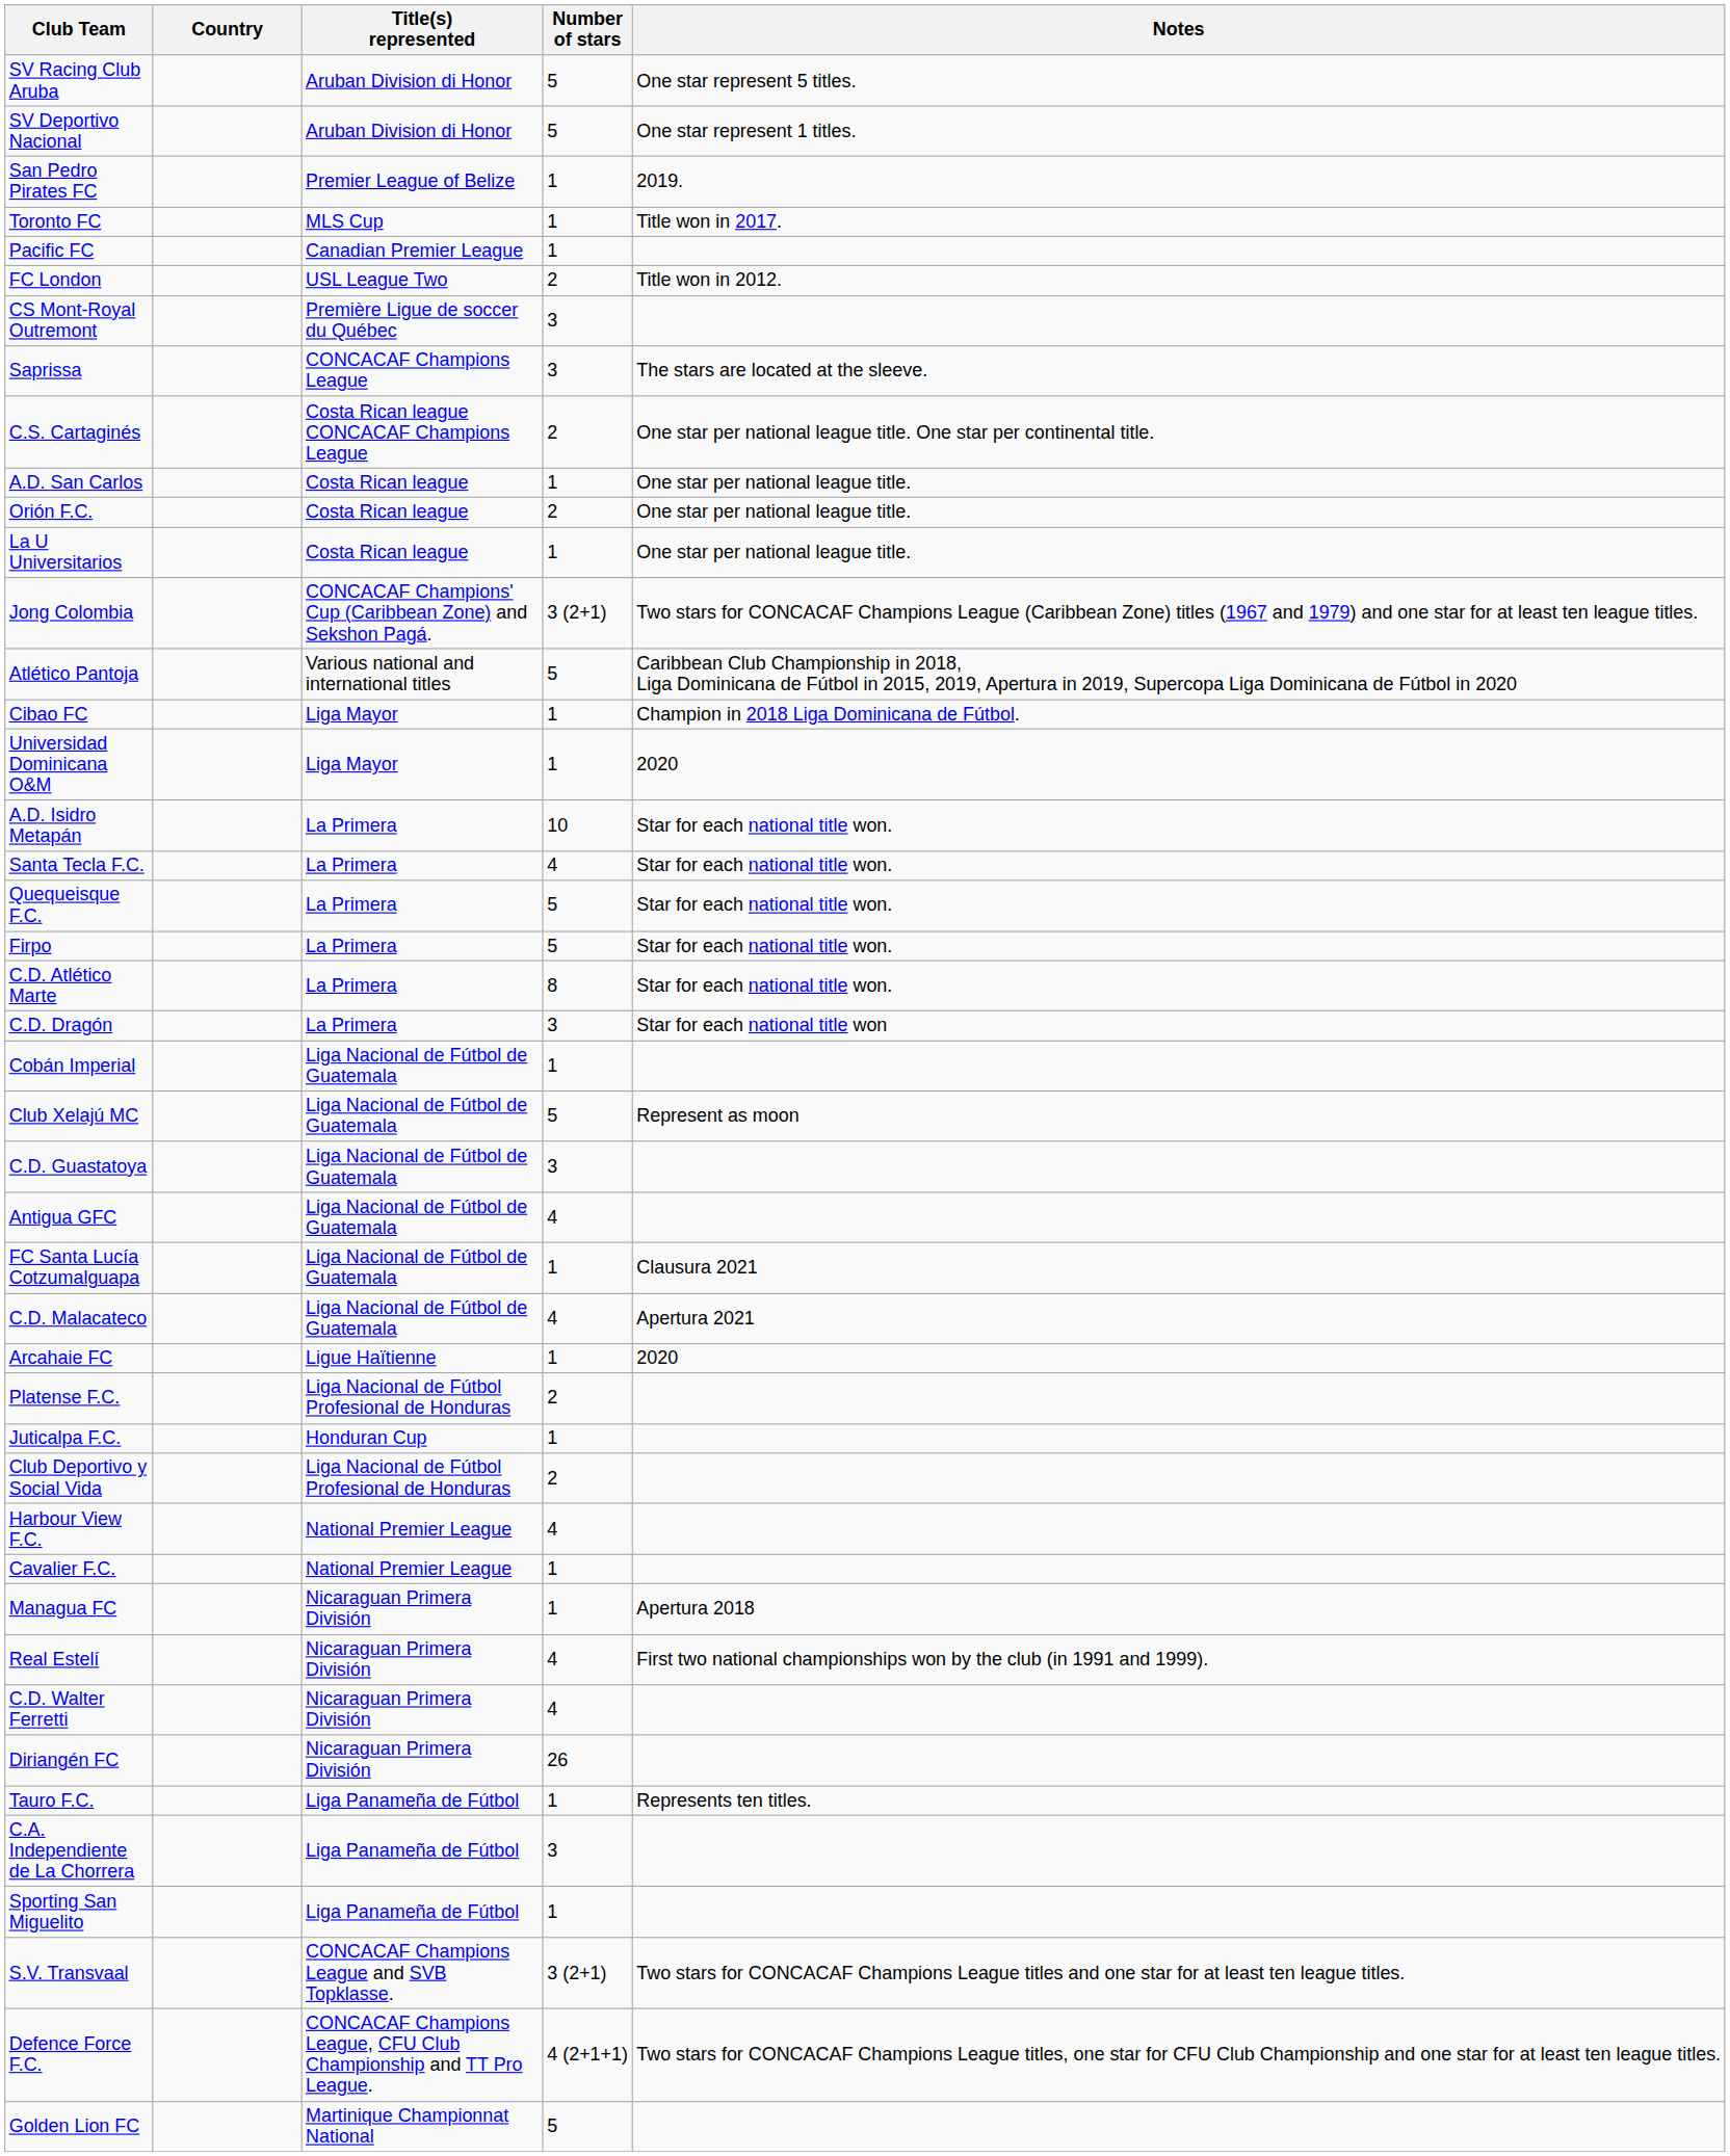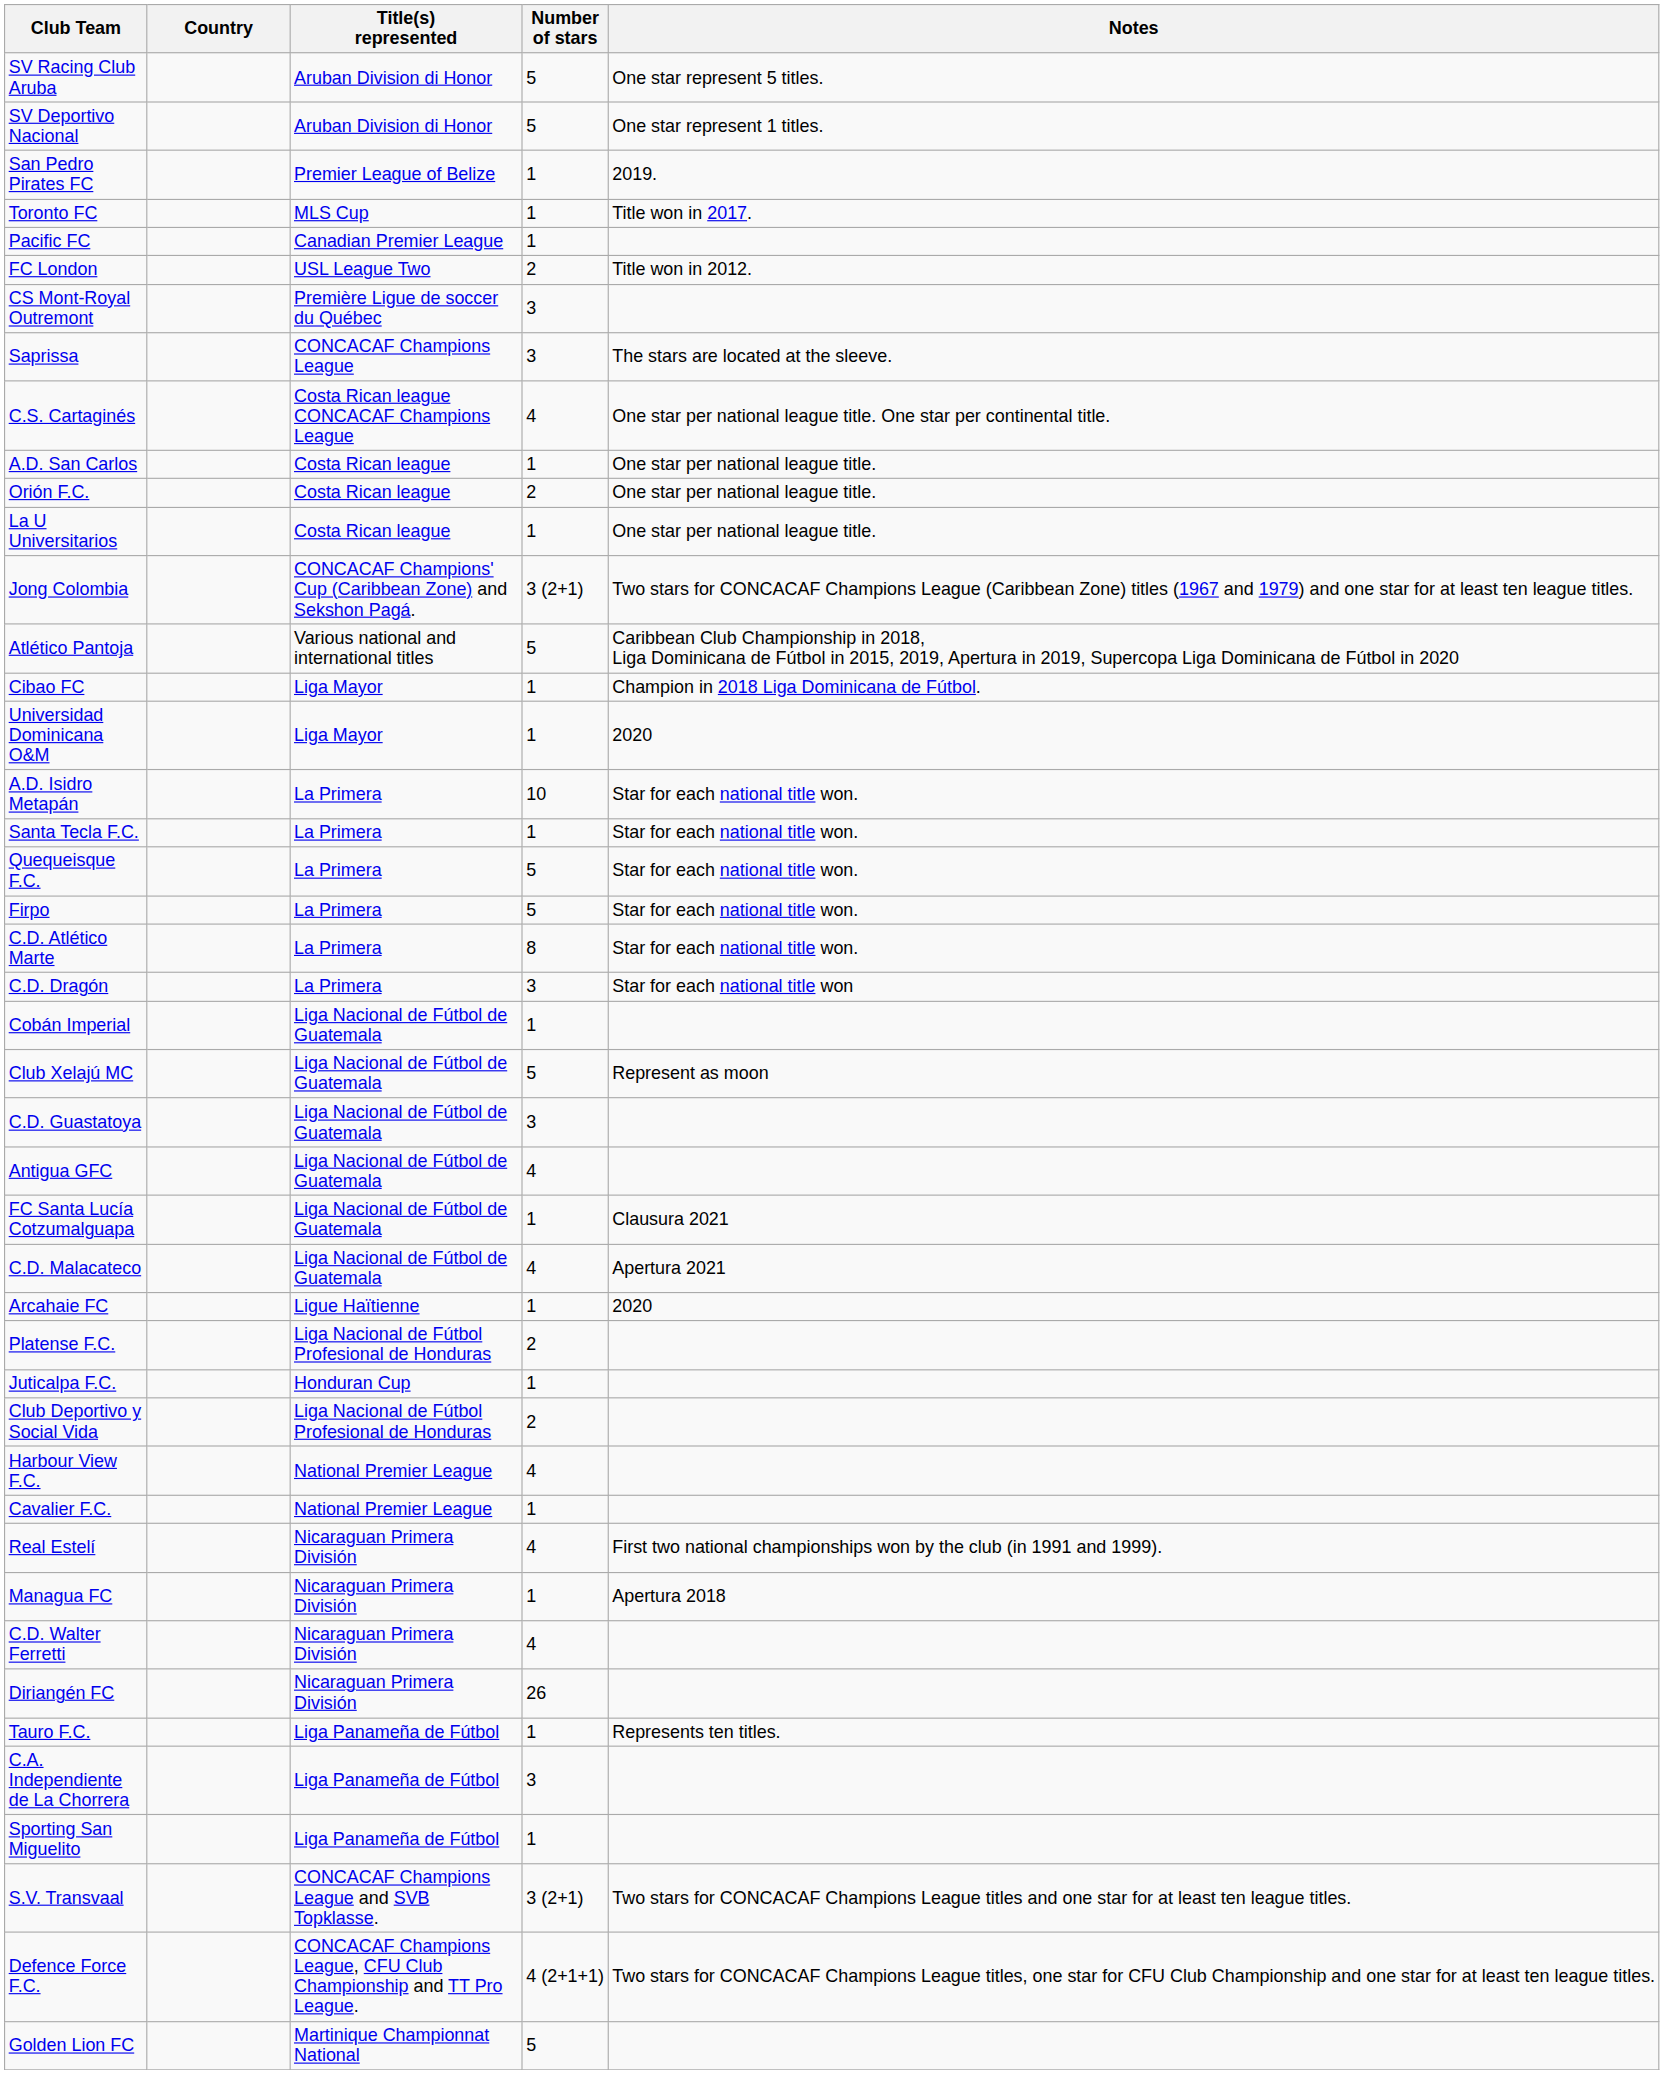 <table class="wikitable sortable">
 <tr>
 <th width=120>Club Team</th>
 <th width=120>Country</th>
 <th width=200>Title(s)<br>represented</th>
 <th>Number<br>of stars</th>
 <th class="unsortable">Notes</th>
 </tr>
 <tr>
 <td><a href='#'>SV Racing Club Aruba</a></td>
 <td></td>
 <td><a href='#'>Aruban Division di Honor</a></td>
 <td>5</td>
 <td>One star represent 5 titles.</td>
 </tr>
 <tr>
 <td><a href='#'>SV Deportivo Nacional</a></td>
 <td></td>
 <td><a href='#'>Aruban Division di Honor</a></td>
 <td>5</td>
 <td>One star represent 1 titles.</td>
 </tr>
 <tr>
 <td><a href='#'>San Pedro Pirates FC</a></td>
 <td></td>
 <td><a href='#'>Premier League of Belize</a></td>
 <td>1</td>
 <td>2019.</td>
 </tr>
 <tr>
 <td><a href='#'>Toronto FC</a></td>
 <td></td>
 <td><a href='#'>MLS Cup</a></td>
 <td>1</td>
 <td>Title won in <a href='#'>2017</a>.</td>
 </tr>
 <tr>
 <td><a href='#'>Pacific FC</a></td>
 <td></td>
 <td><a href='#'>Canadian Premier League</a></td>
 <td>1</td>
 <td></td>
 </tr>
 <tr>
 <td><a href='#'>FC London</a></td>
 <td></td>
 <td><a href='#'>USL League Two</a></td>
 <td>2</td>
 <td>Title won in 2012.</td>
 </tr>
 <tr>
 <td><a href='#'>CS Mont-Royal Outremont</a></td>
 <td></td>
 <td><a href='#'>Première Ligue de soccer du Québec</a></td>
 <td>3</td>
 <td></td>
 </tr>
 <tr>
 <td><a href='#'>Saprissa</a></td>
 <td></td>
 <td><a href='#'>CONCACAF Champions League</a></td>
 <td>3</td>
 <td>The stars are located at the sleeve.</td>
 </tr>
 <tr>
 <td><a href='#'>C.S. Cartaginés</a></td>
 <td></td>
 <td><a href='#'>Costa Rican league</a> <a href='#'>CONCACAF Champions League</a></td>
-<td>2</td>
+<td>4</td>
 <td>One star per national league title. One star per continental title.</td>
 </tr>
 <tr>
 <td><a href='#'>A.D. San Carlos</a></td>
 <td></td>
 <td><a href='#'>Costa Rican league</a></td>
 <td>1</td>
 <td>One star per national league title.</td>
 </tr>
 <tr>
 <td><a href='#'>Orión F.C.</a></td>
 <td></td>
 <td><a href='#'>Costa Rican league</a></td>
 <td>2</td>
 <td>One star per national league title.</td>
 </tr>
 <tr>
 <td><a href='#'>La U Universitarios</a></td>
 <td></td>
 <td><a href='#'>Costa Rican league</a></td>
 <td>1</td>
 <td>One star per national league title.</td>
 </tr>
 <tr>
 <td><a href='#'>Jong Colombia</a></td>
 <td></td>
 <td><a href='#'>CONCACAF Champions' Cup (Caribbean Zone)</a> and <a href='#'>Sekshon Pagá</a>.</td>
 <td>3 (2+1)</td>
 <td>Two stars for CONCACAF Champions League (Caribbean Zone) titles (<a href='#'>1967</a> and <a href='#'>1979</a>) and one star for at least ten league titles.</td>
 </tr>
 <tr>
 <td><a href='#'>Atlético Pantoja</a></td>
 <td></td>
 <td>Various national and international titles</td>
 <td>5</td>
 <td>Caribbean Club Championship in 2018,<br>Liga Dominicana de Fútbol in 2015, 2019, Apertura in 2019, Supercopa Liga Dominicana de Fútbol in 2020</td>
 </tr>
 <tr>
 <td><a href='#'>Cibao FC</a></td>
 <td></td>
 <td><a href='#'>Liga Mayor</a></td>
 <td>1</td>
 <td>Champion in <a href='#'>2018 Liga Dominicana de Fútbol</a>.</td>
 </tr>
 <tr>
 <td><a href='#'>Universidad Dominicana O&M</a></td>
 <td></td>
 <td><a href='#'>Liga Mayor</a></td>
 <td>1</td>
 <td>2020</td>
 </tr>
 <tr>
 <td><a href='#'>A.D. Isidro Metapán</a></td>
 <td></td>
 <td><a href='#'>La Primera</a></td>
 <td>10</td>
 <td>Star for each <a href='#'>national title</a> won.</td>
 </tr>
 <tr>
 <td><a href='#'>Santa Tecla F.C.</a></td>
 <td></td>
 <td><a href='#'>La Primera</a></td>
-<td>4</td>
+<td>1</td>
 <td>Star for each <a href='#'>national title</a> won.</td>
 </tr>
 <tr>
 <td><a href='#'>Quequeisque F.C.</a></td>
 <td></td>
 <td><a href='#'>La Primera</a></td>
 <td>5</td>
 <td>Star for each <a href='#'>national title</a> won.</td>
 </tr>
 <tr>
 <td><a href='#'>Firpo</a></td>
 <td></td>
 <td><a href='#'>La Primera</a></td>
 <td>5</td>
 <td>Star for each <a href='#'>national title</a> won.</td>
 </tr>
 <tr>
 <td><a href='#'>C.D. Atlético Marte</a></td>
 <td></td>
 <td><a href='#'>La Primera</a></td>
 <td>8</td>
 <td>Star for each <a href='#'>national title</a> won.</td>
 </tr>
 <tr>
 <td><a href='#'>C.D. Dragón</a></td>
 <td></td>
 <td><a href='#'>La Primera</a></td>
 <td>3</td>
 <td>Star for each <a href='#'>national title</a> won</td>
 </tr>
 <tr>
 <td><a href='#'>Cobán Imperial</a></td>
 <td></td>
 <td><a href='#'>Liga Nacional de Fútbol de Guatemala</a></td>
 <td>1</td>
 <td></td>
 </tr>
 <tr>
 <td><a href='#'>Club Xelajú MC</a></td>
 <td></td>
 <td><a href='#'>Liga Nacional de Fútbol de Guatemala</a></td>
 <td>5</td>
 <td>Represent as moon</td>
 </tr>
 <tr>
 <td><a href='#'>C.D. Guastatoya</a></td>
 <td></td>
 <td><a href='#'>Liga Nacional de Fútbol de Guatemala</a></td>
 <td>3</td>
 <td></td>
 </tr>
 <tr>
 <td><a href='#'>Antigua GFC</a></td>
 <td></td>
 <td><a href='#'>Liga Nacional de Fútbol de Guatemala</a></td>
 <td>4</td>
 <td></td>
 </tr>
 <tr>
 <td><a href='#'>FC Santa Lucía Cotzumalguapa</a></td>
 <td></td>
 <td><a href='#'>Liga Nacional de Fútbol de Guatemala</a></td>
 <td>1</td>
 <td>Clausura 2021</td>
 </tr>
 <tr>
 <td><a href='#'>C.D. Malacateco</a></td>
 <td></td>
 <td><a href='#'>Liga Nacional de Fútbol de Guatemala</a></td>
 <td>4</td>
 <td>Apertura 2021</td>
 </tr>
 <tr>
 <td><a href='#'>Arcahaie FC</a></td>
 <td></td>
 <td><a href='#'>Ligue Haïtienne</a></td>
 <td>1</td>
 <td>2020</td>
 </tr>
 <tr>
 <td><a href='#'>Platense F.C.</a></td>
 <td></td>
 <td><a href='#'>Liga Nacional de Fútbol Profesional de Honduras</a></td>
 <td>2</td>
 <td></td>
 </tr>
 <tr>
 <td><a href='#'>Juticalpa F.C.</a></td>
 <td></td>
 <td><a href='#'>Honduran Cup</a></td>
 <td>1</td>
 <td></td>
 </tr>
 <tr>
 <td><a href='#'>Club Deportivo y Social Vida</a></td>
 <td></td>
 <td><a href='#'>Liga Nacional de Fútbol Profesional de Honduras</a></td>
 <td>2</td>
 <td></td>
 </tr>
 <tr>
 <td><a href='#'>Harbour View F.C.</a></td>
 <td></td>
 <td><a href='#'>National Premier League</a></td>
 <td>4</td>
 <td></td>
 </tr>
 <tr>
 <td><a href='#'>Cavalier F.C.</a></td>
 <td></td>
 <td><a href='#'>National Premier League</a></td>
 <td>1</td>
 </tr>
 <tr>
+<td><a href='#'>Real Estelí</a></td>
+<td></td>
+<td><a href='#'>Nicaraguan Primera División</a></td>
+<td>4</td>
+<td>First two national championships won by the club (in 1991 and 1999).</td>
+</tr>
+<tr>
 <td><a href='#'>Managua FC</a></td>
 <td></td>
 <td><a href='#'>Nicaraguan Primera División</a></td>
 <td>1</td>
 <td>Apertura 2018</td>
-</tr>
-<tr>
-<td><a href='#'>Real Estelí</a></td>
-<td></td>
-<td><a href='#'>Nicaraguan Primera División</a></td>
-<td>4</td>
-<td>First two national championships won by the club (in 1991 and 1999).</td>
 </tr>
 <tr>
 <td><a href='#'>C.D. Walter Ferretti</a></td>
 <td></td>
 <td><a href='#'>Nicaraguan Primera División</a></td>
 <td>4</td>
 <td></td>
 </tr>
 <tr>
 <td><a href='#'>Diriangén FC</a></td>
 <td></td>
 <td><a href='#'>Nicaraguan Primera División</a></td>
 <td>26</td>
 </tr>
 <tr>
 <td><a href='#'>Tauro F.C.</a></td>
 <td></td>
 <td><a href='#'>Liga Panameña de Fútbol</a></td>
 <td>1</td>
 <td>Represents ten titles.</td>
 </tr>
 <tr>
 <td><a href='#'>C.A. Independiente de La Chorrera</a></td>
 <td></td>
 <td><a href='#'>Liga Panameña de Fútbol</a></td>
 <td>3</td>
 <td></td>
 </tr>
 <tr>
 <td><a href='#'>Sporting San Miguelito</a></td>
 <td></td>
 <td><a href='#'>Liga Panameña de Fútbol</a></td>
 <td>1</td>
 <td></td>
 </tr>
 <tr>
 <td><a href='#'>S.V. Transvaal</a></td>
 <td></td>
 <td><a href='#'>CONCACAF Champions League</a> and <a href='#'>SVB Topklasse</a>.</td>
 <td>3 (2+1)</td>
 <td>Two stars for CONCACAF Champions League titles and one star for at least ten league titles.</td>
 </tr>
 <tr>
 <td><a href='#'>Defence Force F.C.</a></td>
 <td></td>
 <td><a href='#'>CONCACAF Champions League</a>, <a href='#'>CFU Club Championship</a> and <a href='#'>TT Pro League</a>.</td>
 <td>4 (2+1+1)</td>
 <td>Two stars for CONCACAF Champions League titles, one star for CFU Club Championship and one star for at least ten league titles.</td>
 </tr>
 <tr>
 <td><a href='#'>Golden Lion FC</a></td>
 <td></td>
 <td><a href='#'>Martinique Championnat National</a></td>
 <td>5</td>
 <td></td>
 </tr>
 </table>
